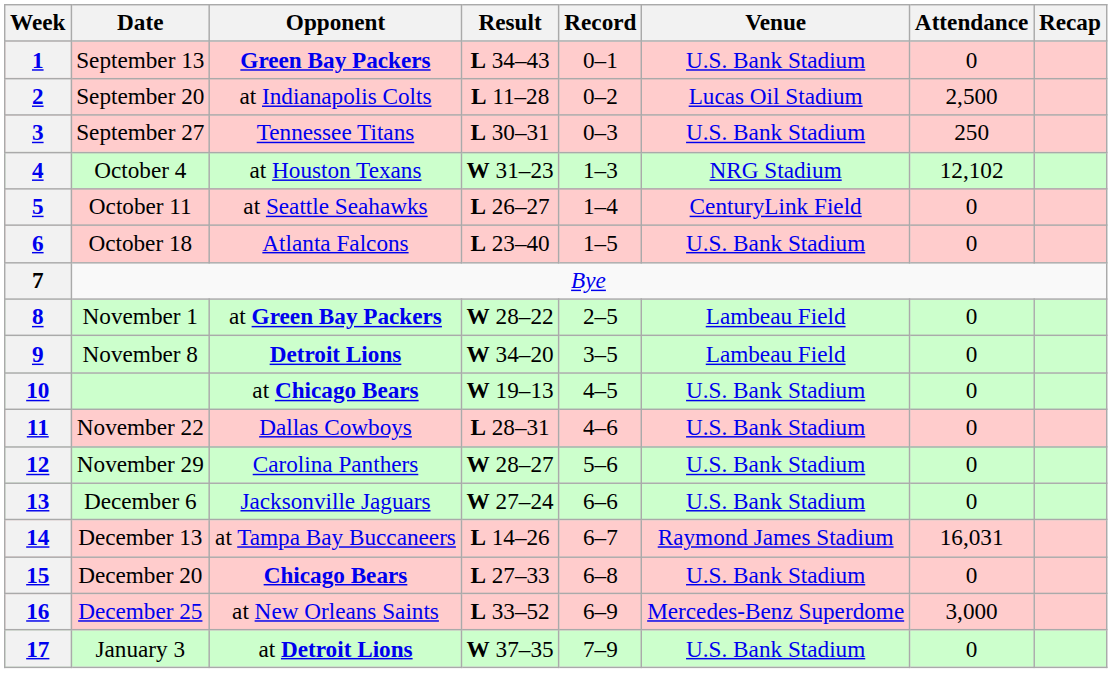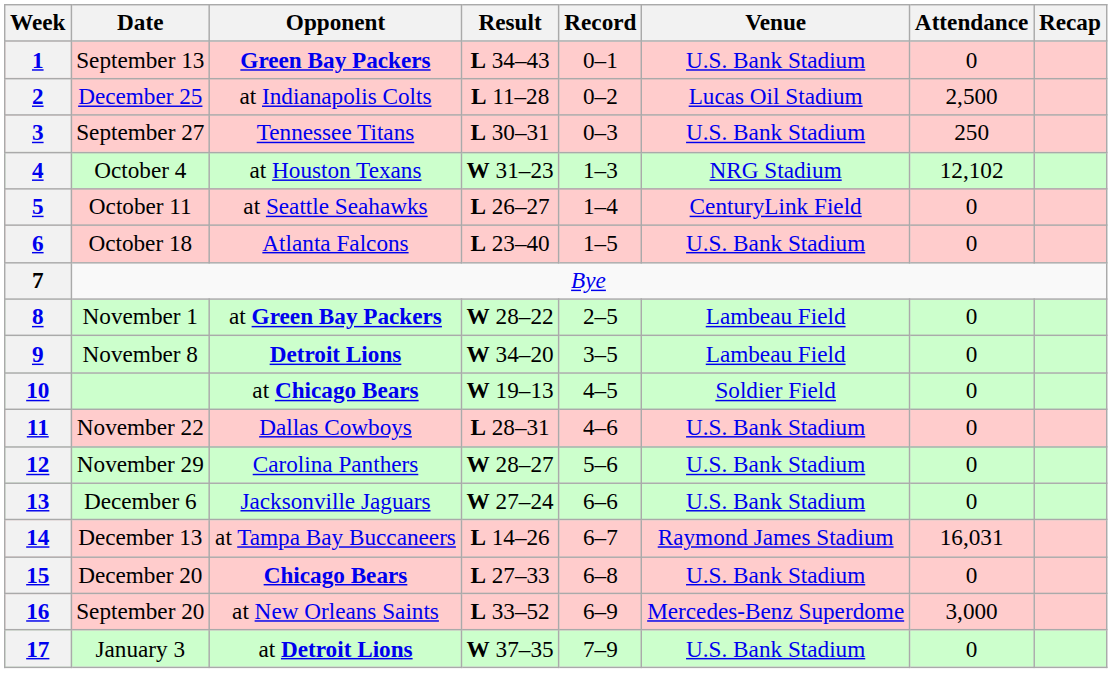 <table class="wikitable" style="text-align:center">
 <tr>
 <th>Week</th>
 <th>Date</th>
 <th>Opponent</th>
 <th>Result</th>
 <th>Record</th>
 <th>Venue</th>
 <th>Attendance</th>
 <th>Recap</th>
 </tr>
 <tr style="background:#fcc">
 <th><a href='#'>1</a></th>
 <td>September 13</td>
 <td><strong><a href='#'>Green Bay Packers</a></strong></td>
 <td><strong>L</strong> 34–43</td>
 <td>0–1</td>
 <td><a href='#'>U.S. Bank Stadium</a></td>
 <td>0</td>
 <td></td>
 </tr>
 <tr style="background:#fcc">
 <th><a href='#'>2</a></th>
-<td>September 20</td>
+<td><a href='#'>December 25</a></td>
 <td>at <a href='#'>Indianapolis Colts</a></td>
 <td><strong>L</strong> 11–28</td>
 <td>0–2</td>
 <td><a href='#'>Lucas Oil Stadium</a></td>
 <td>2,500</td>
 <td></td>
 </tr>
 <tr style="background:#fcc">
 <th><a href='#'>3</a></th>
 <td>September 27</td>
 <td><a href='#'>Tennessee Titans</a></td>
 <td><strong>L</strong> 30–31</td>
 <td>0–3</td>
 <td><a href='#'>U.S. Bank Stadium</a></td>
 <td>250</td>
 <td></td>
 </tr>
 <tr style="background:#cfc">
 <th><a href='#'>4</a></th>
 <td>October 4</td>
 <td>at <a href='#'>Houston Texans</a></td>
 <td><strong>W</strong> 31–23</td>
 <td>1–3</td>
 <td><a href='#'>NRG Stadium</a></td>
 <td>12,102</td>
 <td></td>
 </tr>
 <tr style="background:#fcc">
 <th><a href='#'>5</a></th>
 <td>October 11</td>
 <td>at <a href='#'>Seattle Seahawks</a></td>
 <td><strong>L</strong> 26–27</td>
 <td>1–4</td>
 <td><a href='#'>CenturyLink Field</a></td>
 <td>0</td>
 <td></td>
 </tr>
 <tr style="background:#fcc">
 <th><a href='#'>6</a></th>
 <td>October 18</td>
 <td><a href='#'>Atlanta Falcons</a></td>
 <td><strong>L</strong> 23–40</td>
 <td>1–5</td>
 <td><a href='#'>U.S. Bank Stadium</a></td>
 <td>0</td>
 <td></td>
 </tr>
 <tr>
 <th>7</th>
 <td colspan="7"><em><a href='#'>Bye</a></em></td>
 </tr>
 <tr style="background:#cfc">
 <th><a href='#'>8</a></th>
 <td>November 1</td>
 <td>at <strong><a href='#'>Green Bay Packers</a></strong></td>
 <td><strong>W</strong> 28–22</td>
 <td>2–5</td>
 <td><a href='#'>Lambeau Field</a></td>
 <td>0</td>
 <td></td>
 </tr>
 <tr style="background:#cfc">
 <th><a href='#'>9</a></th>
 <td>November 8</td>
 <td><strong><a href='#'>Detroit Lions</a></strong></td>
 <td><strong>W</strong> 34–20</td>
 <td>3–5</td>
 <td><a href='#'>Lambeau Field</a></td>
 <td>0</td>
 <td></td>
 </tr>
 <tr style="background:#cfc">
 <th><a href='#'>10</a></th>
 <td></td>
 <td>at <strong><a href='#'>Chicago Bears</a></strong></td>
 <td><strong>W</strong> 19–13</td>
 <td>4–5</td>
-<td><a href='#'>U.S. Bank Stadium</a></td>
+<td><a href='#'>Soldier Field</a></td>
 <td>0</td>
 <td></td>
 </tr>
 <tr style="background:#fcc">
 <th><a href='#'>11</a></th>
 <td>November 22</td>
 <td><a href='#'>Dallas Cowboys</a></td>
 <td><strong>L</strong> 28–31</td>
 <td>4–6</td>
 <td><a href='#'>U.S. Bank Stadium</a></td>
 <td>0</td>
 <td></td>
 </tr>
 <tr style="background:#cfc">
 <th><a href='#'>12</a></th>
 <td>November 29</td>
 <td><a href='#'>Carolina Panthers</a></td>
 <td><strong>W</strong> 28–27</td>
 <td>5–6</td>
 <td><a href='#'>U.S. Bank Stadium</a></td>
 <td>0</td>
 <td></td>
 </tr>
 <tr style="background:#cfc">
 <th><a href='#'>13</a></th>
 <td>December 6</td>
 <td><a href='#'>Jacksonville Jaguars</a></td>
 <td><strong>W</strong> 27–24 </td>
 <td>6–6</td>
 <td><a href='#'>U.S. Bank Stadium</a></td>
 <td>0</td>
 <td></td>
 </tr>
 <tr style="background:#fcc">
 <th><a href='#'>14</a></th>
 <td>December 13</td>
 <td>at <a href='#'>Tampa Bay Buccaneers</a></td>
 <td><strong>L</strong> 14–26</td>
 <td>6–7</td>
 <td><a href='#'>Raymond James Stadium</a></td>
 <td>16,031</td>
 <td></td>
 </tr>
 <tr style="background:#fcc">
 <th><a href='#'>15</a></th>
 <td>December 20</td>
 <td><strong><a href='#'>Chicago Bears</a></strong></td>
 <td><strong>L</strong> 27–33</td>
 <td>6–8</td>
 <td><a href='#'>U.S. Bank Stadium</a></td>
 <td>0</td>
 <td></td>
 </tr>
 <tr style="background:#fcc">
 <th><a href='#'>16</a></th>
-<td><a href='#'>December 25</a></td>
+<td>September 20</td>
 <td>at <a href='#'>New Orleans Saints</a></td>
 <td><strong>L</strong> 33–52</td>
 <td>6–9</td>
 <td><a href='#'>Mercedes-Benz Superdome</a></td>
 <td>3,000</td>
 <td></td>
 </tr>
 <tr style="background:#cfc">
 <th><a href='#'>17</a></th>
 <td>January 3</td>
 <td>at <strong><a href='#'>Detroit Lions</a></strong></td>
 <td><strong>W</strong> 37–35</td>
 <td>7–9</td>
 <td><a href='#'>U.S. Bank Stadium</a></td>
 <td>0</td>
 <td></td>
 </tr>
 </table>
